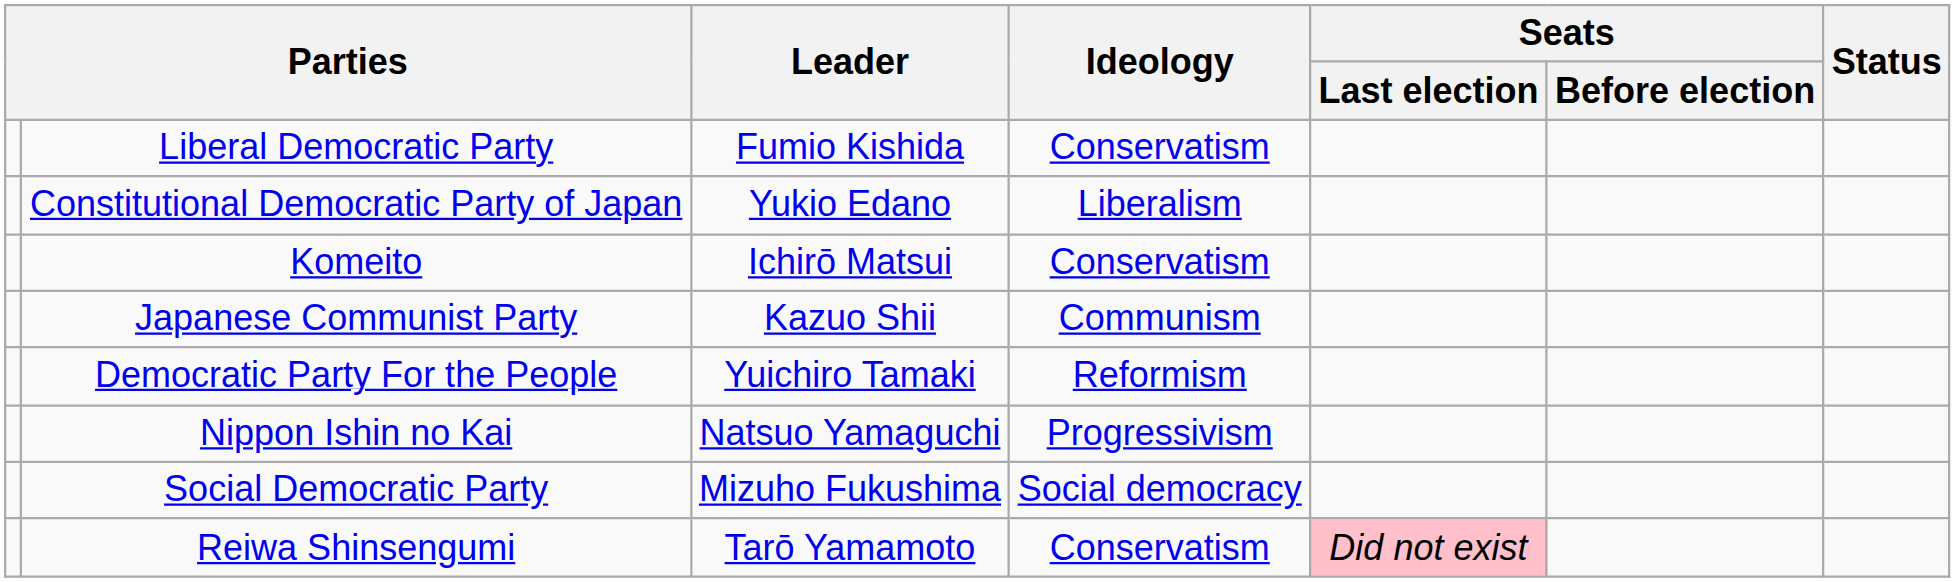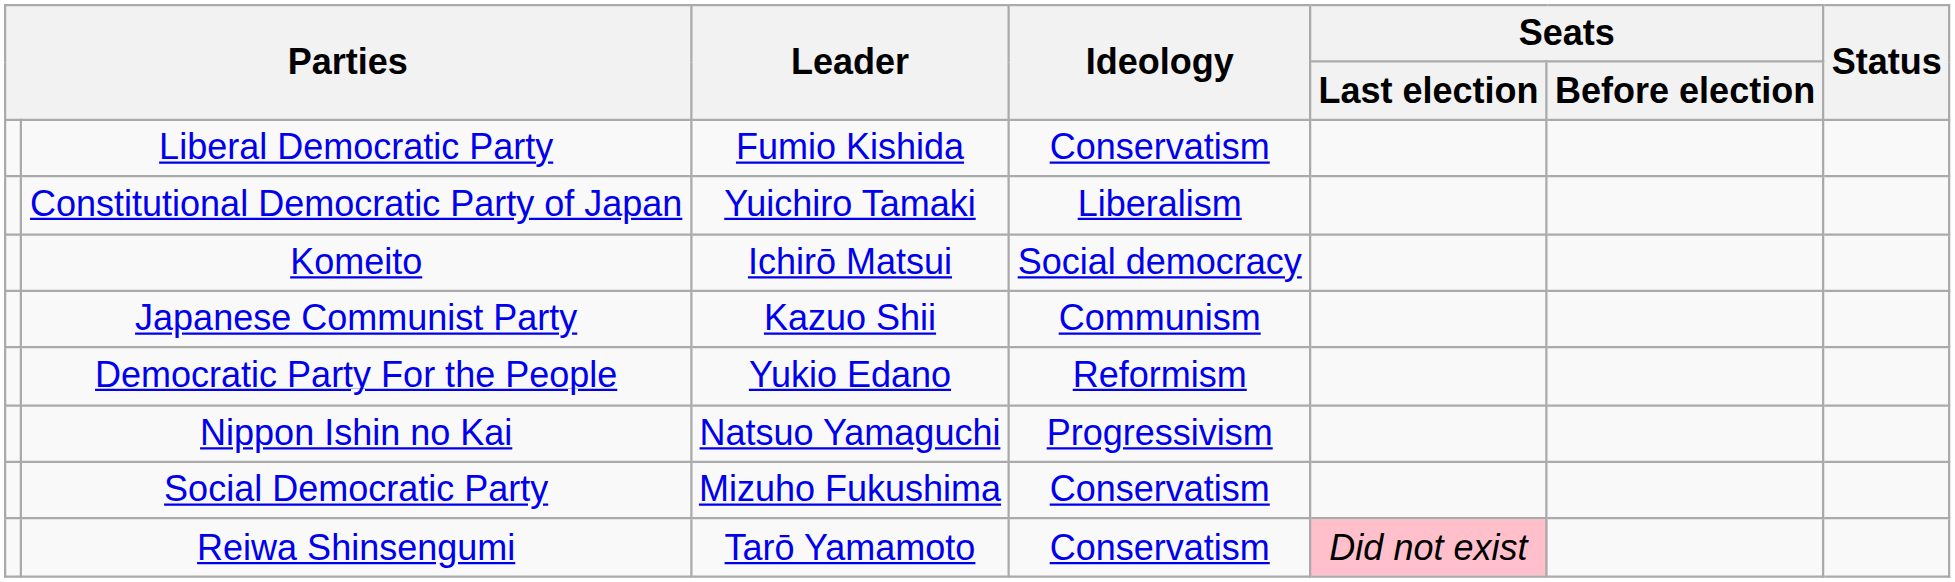 <table class=wikitable style="text-align:center">
 <tr>
 <th colspan="2" rowspan="2">Parties</th>
 <th rowspan="2">Leader</th>
 <th rowspan="2">Ideology</th>
 <th colspan="2">Seats</th>
 <th rowspan="2">Status</th>
 </tr>
 <tr>
 <th>Last election</th>
 <th>Before election</th>
 </tr>
 <tr>
 <td style="background:"></td>
 <td><a href='#'>Liberal Democratic Party</a></td>
 <td><a href='#'>Fumio Kishida</a></td>
 <td><a href='#'>Conservatism</a></td>
 <td></td>
 <td></td>
 <td></td>
 </tr>
 <tr>
 <td style="background:"></td>
 <td><a href='#'>Constitutional Democratic Party of Japan</a></td>
-<td><a href='#'>Yukio Edano</a></td>
+<td><a href='#'>Yuichiro Tamaki</a></td>
 <td><a href='#'>Liberalism</a></td>
 <td></td>
 <td></td>
 <td></td>
 </tr>
 <tr>
 <td style="background:"></td>
 <td><a href='#'>Komeito</a></td>
 <td><a href='#'>Ichirō Matsui</a></td>
-<td><a href='#'>Conservatism</a></td>
+<td><a href='#'>Social democracy</a></td>
 <td></td>
 <td></td>
 <td></td>
 </tr>
 <tr>
 <td style="background:"></td>
 <td><a href='#'>Japanese Communist Party</a></td>
 <td><a href='#'>Kazuo Shii</a></td>
 <td><a href='#'>Communism</a></td>
 <td></td>
 <td></td>
 <td></td>
 </tr>
 <tr>
 <td style="background:"></td>
 <td><a href='#'>Democratic Party For the People</a></td>
-<td><a href='#'>Yuichiro Tamaki</a></td>
+<td><a href='#'>Yukio Edano</a></td>
 <td><a href='#'>Reformism</a></td>
 <td></td>
 <td></td>
 <td></td>
 </tr>
 <tr>
 <td style="background:"></td>
 <td><a href='#'>Nippon Ishin no Kai</a></td>
 <td><a href='#'>Natsuo Yamaguchi</a></td>
 <td><a href='#'>Progressivism</a></td>
 <td></td>
 <td></td>
 <td></td>
 </tr>
 <tr>
 <td style="background:"></td>
 <td><a href='#'>Social Democratic Party</a></td>
 <td><a href='#'>Mizuho Fukushima</a></td>
-<td><a href='#'>Social democracy</a></td>
+<td><a href='#'>Conservatism</a></td>
 <td></td>
 <td></td>
 <td></td>
 </tr>
 <tr>
 <td style="background:"></td>
 <td><a href='#'>Reiwa Shinsengumi</a></td>
 <td><a href='#'>Tarō Yamamoto</a></td>
 <td><a href='#'>Conservatism</a></td>
 <td style="background: pink;"><em>Did not exist</em></td>
 <td></td>
 <td></td>
 </tr>
 </table>
